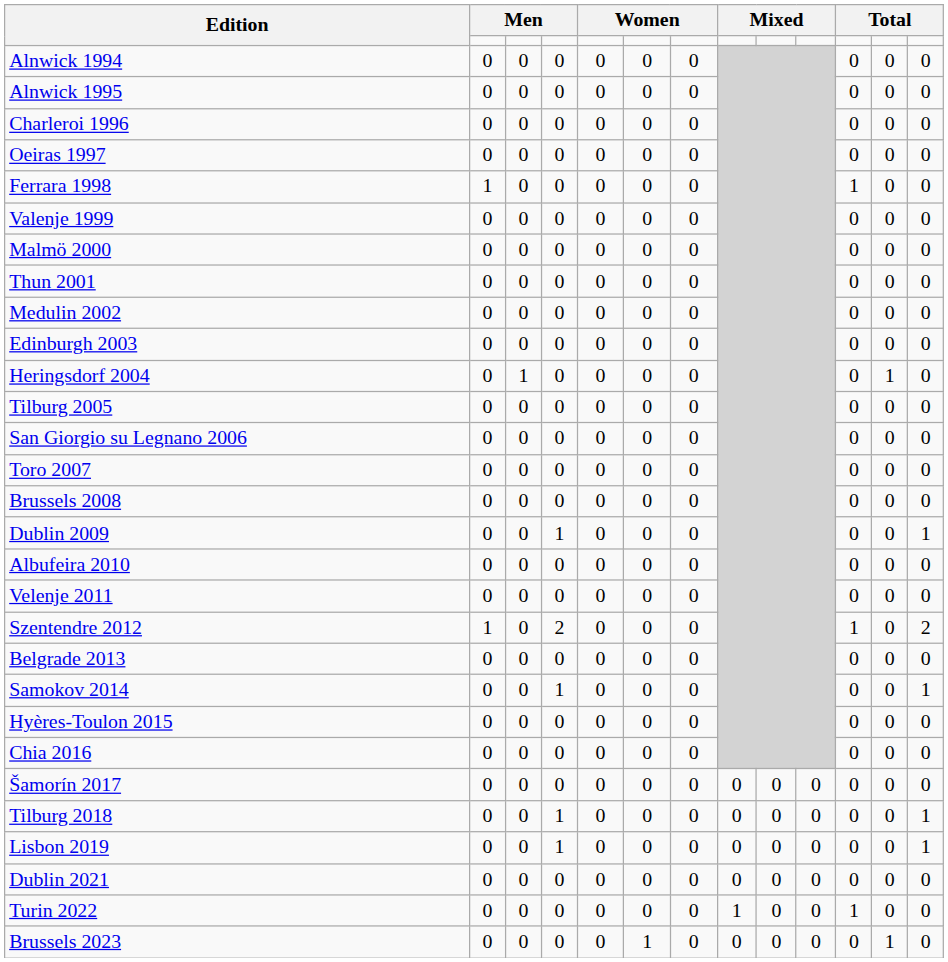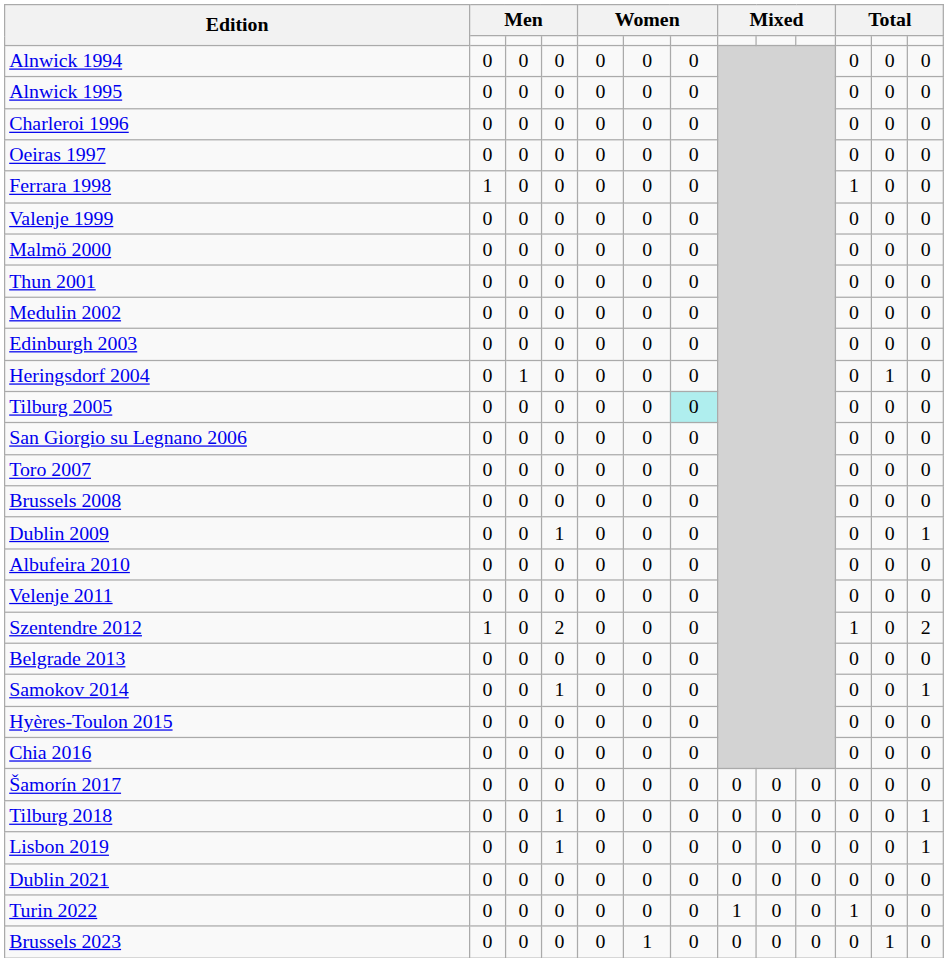 <table class="wikitable" width=60% style="font-size:100%; text-align:center;">
 <tr>
 <th rowspan=2>Edition</th>
 <th colspan=3>Men</th>
 <th colspan=3>Women</th>
 <th colspan=3>Mixed</th>
 <th colspan=3>Total</th>
 </tr>
 <tr>
 <td width:25px></td>
 <td width:25px></td>
 <td width:25px></td>
 <td width:25px></td>
 <td width:25px></td>
 <td width:25px></td>
 <td width:25px></td>
 <td width:25px></td>
 <td width:25px></td>
 <td width:25px></td>
 <td width:25px></td>
 <td width:25px></td>
 </tr>
 <tr>
 <td align=left> <a href='#'>Alnwick 1994</a></td>
 <td>0</td>
 <td>0</td>
 <td>0</td>
 <td>0</td>
 <td>0</td>
 <td>0</td>
 <td bgcolor=lightgrey rowspan=23 colspan=3></td>
 <td>0</td>
 <td>0</td>
 <td>0</td>
 </tr>
 <tr>
 <td align=left> <a href='#'>Alnwick 1995</a></td>
 <td>0</td>
 <td>0</td>
 <td>0</td>
 <td>0</td>
 <td>0</td>
 <td>0</td>
 <td>0</td>
 <td>0</td>
 <td>0</td>
 </tr>
 <tr>
 <td align=left> <a href='#'>Charleroi 1996</a></td>
 <td>0</td>
 <td>0</td>
 <td>0</td>
 <td>0</td>
 <td>0</td>
 <td>0</td>
 <td>0</td>
 <td>0</td>
 <td>0</td>
 </tr>
 <tr>
 <td align=left> <a href='#'>Oeiras 1997</a></td>
 <td>0</td>
 <td>0</td>
 <td>0</td>
 <td>0</td>
 <td>0</td>
 <td>0</td>
 <td>0</td>
 <td>0</td>
 <td>0</td>
 </tr>
 <tr>
 <td align=left> <a href='#'>Ferrara 1998</a></td>
 <td>1</td>
 <td>0</td>
 <td>0</td>
 <td>0</td>
 <td>0</td>
 <td>0</td>
 <td>1</td>
 <td>0</td>
 <td>0</td>
 </tr>
 <tr>
 <td align=left> <a href='#'>Valenje 1999</a></td>
 <td>0</td>
 <td>0</td>
 <td>0</td>
 <td>0</td>
 <td>0</td>
 <td>0</td>
 <td>0</td>
 <td>0</td>
 <td>0</td>
 </tr>
 <tr>
 <td align=left> <a href='#'>Malmö 2000</a></td>
 <td>0</td>
 <td>0</td>
 <td>0</td>
 <td>0</td>
 <td>0</td>
 <td>0</td>
 <td>0</td>
 <td>0</td>
 <td>0</td>
 </tr>
 <tr>
 <td align=left> <a href='#'>Thun 2001</a></td>
 <td>0</td>
 <td>0</td>
 <td>0</td>
 <td>0</td>
 <td>0</td>
 <td>0</td>
 <td>0</td>
 <td>0</td>
 <td>0</td>
 </tr>
 <tr>
 <td align=left> <a href='#'>Medulin 2002</a></td>
 <td>0</td>
 <td>0</td>
 <td>0</td>
 <td>0</td>
 <td>0</td>
 <td>0</td>
 <td>0</td>
 <td>0</td>
 <td>0</td>
 </tr>
 <tr>
 <td align=left> <a href='#'>Edinburgh 2003</a></td>
 <td>0</td>
 <td>0</td>
 <td>0</td>
 <td>0</td>
 <td>0</td>
 <td>0</td>
 <td>0</td>
 <td>0</td>
 <td>0</td>
 </tr>
 <tr>
 <td align=left> <a href='#'>Heringsdorf 2004</a></td>
 <td>0</td>
 <td>1</td>
 <td>0</td>
 <td>0</td>
 <td>0</td>
 <td>0</td>
 <td>0</td>
 <td>1</td>
 <td>0</td>
 </tr>
 <tr>
 <td align=left> <a href='#'>Tilburg 2005</a></td>
 <td>0</td>
 <td>0</td>
 <td>0</td>
 <td>0</td>
 <td>0</td>
-<td>0</td>
+<td style="background: paleturquoise;">0</td>
 <td>0</td>
 <td>0</td>
 <td>0</td>
 </tr>
 <tr>
 <td align=left> <a href='#'>San Giorgio su Legnano 2006</a></td>
 <td>0</td>
 <td>0</td>
 <td>0</td>
 <td>0</td>
 <td>0</td>
 <td>0</td>
 <td>0</td>
 <td>0</td>
 <td>0</td>
 </tr>
 <tr>
 <td align=left> <a href='#'>Toro 2007</a></td>
 <td>0</td>
 <td>0</td>
 <td>0</td>
 <td>0</td>
 <td>0</td>
 <td>0</td>
 <td>0</td>
 <td>0</td>
 <td>0</td>
 </tr>
 <tr>
 <td align=left> <a href='#'>Brussels 2008</a></td>
 <td>0</td>
 <td>0</td>
 <td>0</td>
 <td>0</td>
 <td>0</td>
 <td>0</td>
 <td>0</td>
 <td>0</td>
 <td>0</td>
 </tr>
 <tr>
 <td align=left> <a href='#'>Dublin 2009</a></td>
 <td>0</td>
 <td>0</td>
 <td>1</td>
 <td>0</td>
 <td>0</td>
 <td>0</td>
 <td>0</td>
 <td>0</td>
 <td>1</td>
 </tr>
 <tr>
 <td align=left> <a href='#'>Albufeira 2010</a></td>
 <td>0</td>
 <td>0</td>
 <td>0</td>
 <td>0</td>
 <td>0</td>
 <td>0</td>
 <td>0</td>
 <td>0</td>
 <td>0</td>
 </tr>
 <tr>
 <td align=left> <a href='#'>Velenje 2011</a></td>
 <td>0</td>
 <td>0</td>
 <td>0</td>
 <td>0</td>
 <td>0</td>
 <td>0</td>
 <td>0</td>
 <td>0</td>
 <td>0</td>
 </tr>
 <tr>
 <td align=left> <a href='#'>Szentendre 2012</a></td>
 <td>1</td>
 <td>0</td>
 <td>2</td>
 <td>0</td>
 <td>0</td>
 <td>0</td>
 <td>1</td>
 <td>0</td>
 <td>2</td>
 </tr>
 <tr>
 <td align=left> <a href='#'>Belgrade 2013</a></td>
 <td>0</td>
 <td>0</td>
 <td>0</td>
 <td>0</td>
 <td>0</td>
 <td>0</td>
 <td>0</td>
 <td>0</td>
 <td>0</td>
 </tr>
 <tr>
 <td align=left> <a href='#'>Samokov 2014</a></td>
 <td>0</td>
 <td>0</td>
 <td>1</td>
 <td>0</td>
 <td>0</td>
 <td>0</td>
 <td>0</td>
 <td>0</td>
 <td>1</td>
 </tr>
 <tr>
 <td align=left> <a href='#'>Hyères-Toulon 2015</a></td>
 <td>0</td>
 <td>0</td>
 <td>0</td>
 <td>0</td>
 <td>0</td>
 <td>0</td>
 <td>0</td>
 <td>0</td>
 <td>0</td>
 </tr>
 <tr>
 <td align=left> <a href='#'>Chia 2016</a></td>
 <td>0</td>
 <td>0</td>
 <td>0</td>
 <td>0</td>
 <td>0</td>
 <td>0</td>
 <td>0</td>
 <td>0</td>
 <td>0</td>
 </tr>
 <tr>
 <td align=left> <a href='#'>Šamorín 2017</a></td>
 <td>0</td>
 <td>0</td>
 <td>0</td>
 <td>0</td>
 <td>0</td>
 <td>0</td>
 <td>0</td>
 <td>0</td>
 <td>0</td>
 <td>0</td>
 <td>0</td>
 <td>0</td>
 </tr>
 <tr>
 <td align=left> <a href='#'>Tilburg 2018</a></td>
 <td>0</td>
 <td>0</td>
 <td>1</td>
 <td>0</td>
 <td>0</td>
 <td>0</td>
 <td>0</td>
 <td>0</td>
 <td>0</td>
 <td>0</td>
 <td>0</td>
 <td>1</td>
 </tr>
 <tr>
 <td align=left> <a href='#'>Lisbon 2019</a></td>
 <td>0</td>
 <td>0</td>
 <td>1</td>
 <td>0</td>
 <td>0</td>
 <td>0</td>
 <td>0</td>
 <td>0</td>
 <td>0</td>
 <td>0</td>
 <td>0</td>
 <td>1</td>
 </tr>
 <tr>
 <td align=left> <a href='#'>Dublin 2021</a></td>
 <td>0</td>
 <td>0</td>
 <td>0</td>
 <td>0</td>
 <td>0</td>
 <td>0</td>
 <td>0</td>
 <td>0</td>
 <td>0</td>
 <td>0</td>
 <td>0</td>
 <td>0</td>
 </tr>
 <tr>
 <td align=left> <a href='#'>Turin 2022</a></td>
 <td>0</td>
 <td>0</td>
 <td>0</td>
 <td>0</td>
 <td>0</td>
 <td>0</td>
 <td>1</td>
 <td>0</td>
 <td>0</td>
 <td>1</td>
 <td>0</td>
 <td>0</td>
 </tr>
 <tr>
 <td align=left> <a href='#'>Brussels 2023</a></td>
 <td>0</td>
 <td>0</td>
 <td>0</td>
 <td>0</td>
 <td>1</td>
 <td>0</td>
 <td>0</td>
 <td>0</td>
 <td>0</td>
 <td>0</td>
 <td>1</td>
 <td>0</td>
 </tr>
 </table>
